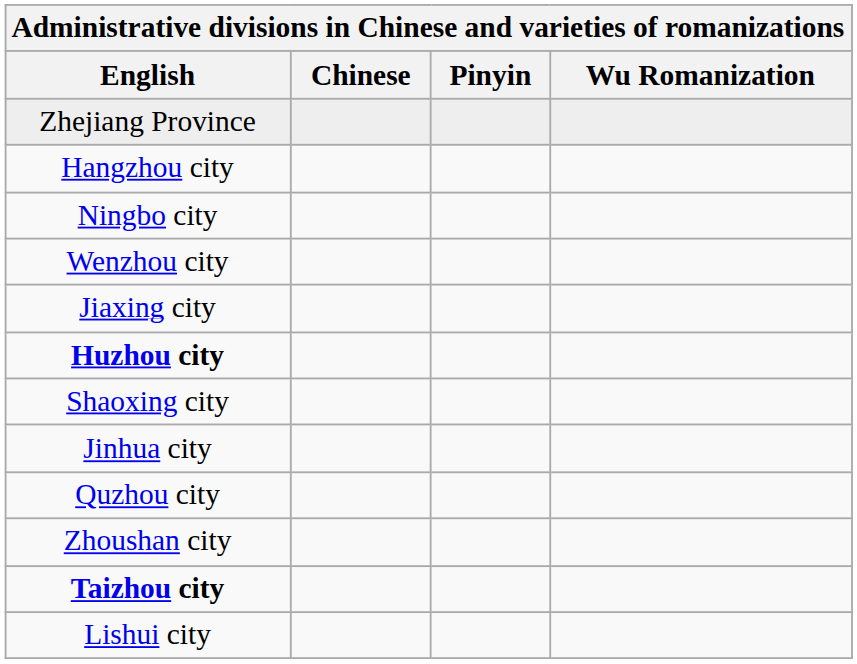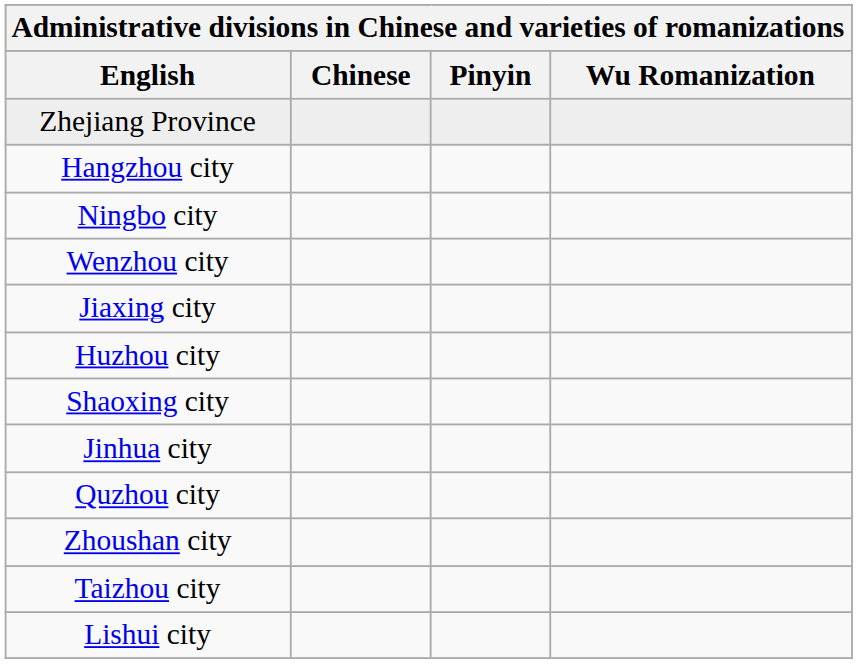 <table class="wikitable sortable collapsible collapsed" style="text-font:90%; width:auto; text-align:center; margin-left: auto; margin-right: auto;">
 <tr>
 <th colspan="5">Administrative divisions in Chinese and varieties of romanizations</th>
 </tr>
 <tr>
 <th>English</th>
 <th>Chinese</th>
 <th>Pinyin</th>
 <th>Wu Romanization</th>
 </tr>
 <tr style="background:#eee">
 <td>Zhejiang Province</td>
 <td></td>
 <td></td>
 <td></td>
 </tr>
 <tr>
 <td><a href='#'>Hangzhou</a> city</td>
 <td></td>
 <td></td>
 <td></td>
 </tr>
 <tr>
 <td><a href='#'>Ningbo</a> city</td>
 <td></td>
 <td></td>
 <td></td>
 </tr>
 <tr>
 <td><a href='#'>Wenzhou</a> city</td>
 <td></td>
 <td></td>
 <td></td>
 </tr>
 <tr>
 <td><a href='#'>Jiaxing</a> city</td>
 <td></td>
 <td></td>
 <td></td>
 </tr>
 <tr>
-<td><strong><a href='#'>Huzhou</a> city</strong></td>
+<td><a href='#'>Huzhou</a> city</td>
 <td></td>
 <td></td>
 <td></td>
 </tr>
 <tr>
 <td><a href='#'>Shaoxing</a> city</td>
 <td></td>
 <td></td>
 <td></td>
 </tr>
 <tr>
 <td><a href='#'>Jinhua</a> city</td>
 <td></td>
 <td></td>
 <td></td>
 </tr>
 <tr>
 <td><a href='#'>Quzhou</a> city</td>
 <td></td>
 <td></td>
 <td></td>
 </tr>
 <tr>
 <td><a href='#'>Zhoushan</a> city</td>
 <td></td>
 <td></td>
 <td></td>
 </tr>
 <tr>
-<td><strong><a href='#'>Taizhou</a> city</strong></td>
+<td><a href='#'>Taizhou</a> city</td>
 <td></td>
 <td></td>
 <td></td>
 </tr>
 <tr>
 <td><a href='#'>Lishui</a> city</td>
 <td></td>
 <td></td>
 <td></td>
 </tr>
 </table>
